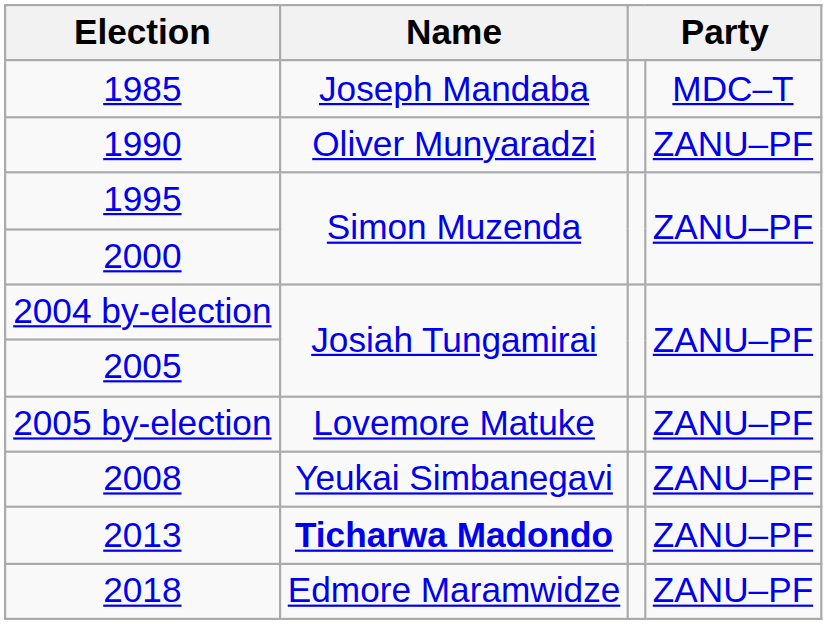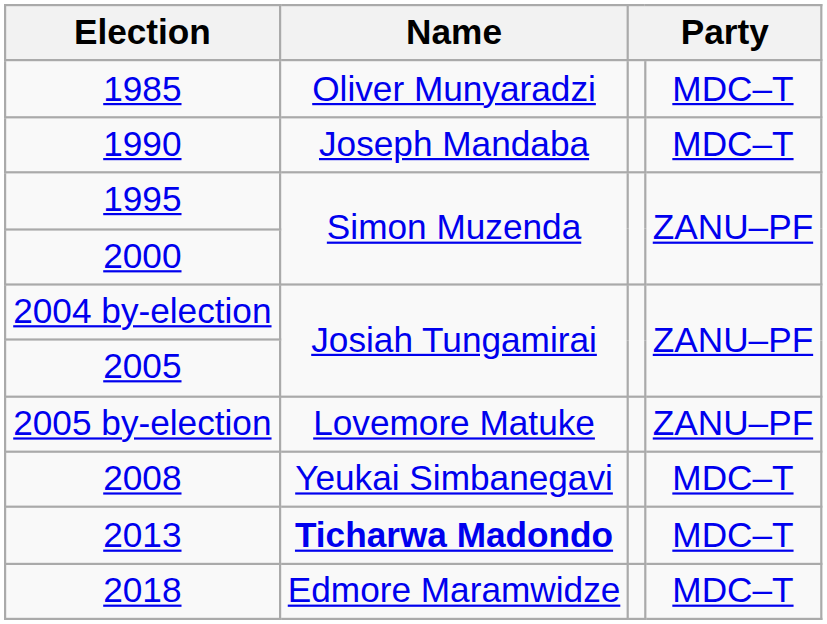 <table class="wikitable" style="text-align:center">
 <tr>
 <th>Election</th>
 <th>Name</th>
 <th colspan="2">Party</th>
 </tr>
 <tr>
 <td><a href='#'>1985</a></td>
-<td><a href='#'>Joseph Mandaba</a></td>
+<td><a href='#'>Oliver Munyaradzi</a></td>
 <td style="background-color: "></td>
 <td><a href='#'>MDC–T</a></td>
 </tr>
 <tr>
 <td><a href='#'>1990</a></td>
-<td><a href='#'>Oliver Munyaradzi</a></td>
+<td><a href='#'>Joseph Mandaba</a></td>
 <td style="background-color: "></td>
-<td><a href='#'>ZANU–PF</a></td>
+<td><a href='#'>MDC–T</a></td>
 </tr>
 <tr>
 <td><a href='#'>1995</a></td>
 <td rowspan="2"><a href='#'>Simon Muzenda</a></td>
 <td rowspan="2" style="background-color: "></td>
 <td rowspan="2"><a href='#'>ZANU–PF</a></td>
 </tr>
 <tr>
 <td><a href='#'>2000</a></td>
 </tr>
 <tr>
 <td><a href='#'>2004 by-election</a></td>
 <td rowspan="2"><a href='#'>Josiah Tungamirai</a></td>
 <td rowspan="2" style="background-color: "></td>
 <td rowspan="2"><a href='#'>ZANU–PF</a></td>
 </tr>
 <tr>
 <td><a href='#'>2005</a></td>
 </tr>
 <tr>
 <td><a href='#'>2005 by-election</a></td>
 <td><a href='#'>Lovemore Matuke</a></td>
 <td style="background-color: "></td>
 <td><a href='#'>ZANU–PF</a></td>
 </tr>
 <tr>
 <td><a href='#'>2008</a></td>
 <td><a href='#'>Yeukai Simbanegavi</a></td>
 <td style="background-color: "></td>
-<td><a href='#'>ZANU–PF</a></td>
+<td><a href='#'>MDC–T</a></td>
 </tr>
 <tr>
 <td><a href='#'>2013</a></td>
 <td><strong><a href='#'>Ticharwa Madondo</a></strong></td>
 <td style="background-color: "></td>
-<td><a href='#'>ZANU–PF</a></td>
+<td><a href='#'>MDC–T</a></td>
 </tr>
 <tr>
 <td><a href='#'>2018</a></td>
 <td><a href='#'>Edmore Maramwidze</a></td>
 <td style="background-color: "></td>
-<td><a href='#'>ZANU–PF</a></td>
+<td><a href='#'>MDC–T</a></td>
 </tr>
 </table>
